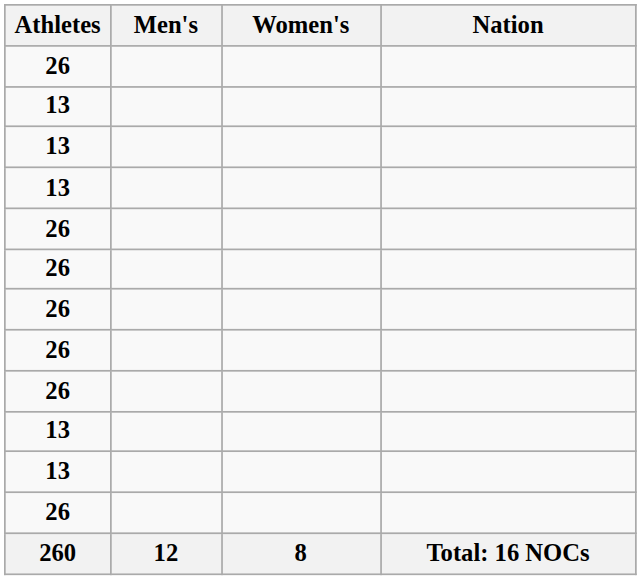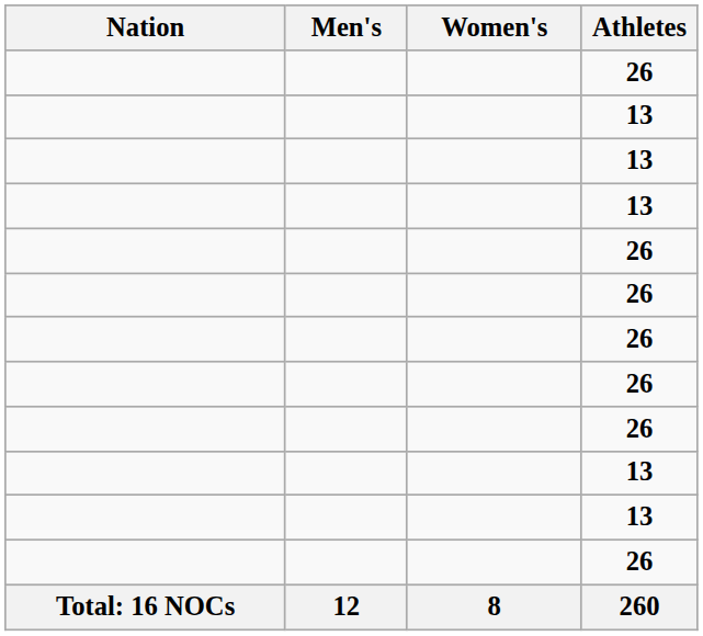 <table class="wikitable sortable" width=370 style="text-align:center; font-size:90%">
 <tr>
-<th width=55>Athletes</th>
+<th>Nation</th>
 <th>Men's</th>
 <th>Women's</th>
-<th>Nation</th>
+<th width=55>Athletes</th>
 </tr>
 <tr>
-<td><strong>26</strong></td>
+<td style="text-align:left;"></td>
 <td></td>
 <td></td>
-<td style="text-align:left;"></td>
+<td><strong>26</strong></td>
 </tr>
 <tr>
-<td><strong>13</strong></td>
+<td style="text-align:left;"></td>
 <td></td>
 <td></td>
-<td style="text-align:left;"></td>
+<td><strong>13</strong></td>
 </tr>
 <tr>
-<td><strong>13</strong></td>
+<td style="text-align:left;"></td>
 <td></td>
 <td></td>
-<td style="text-align:left;"></td>
+<td><strong>13</strong></td>
 </tr>
 <tr>
-<td><strong>13</strong></td>
+<td style="text-align:left;"></td>
 <td></td>
 <td></td>
-<td style="text-align:left;"></td>
+<td><strong>13</strong></td>
 </tr>
 <tr>
-<td><strong>26</strong></td>
+<td style="text-align:left;"></td>
 <td></td>
 <td></td>
-<td style="text-align:left;"></td>
+<td><strong>26</strong></td>
 </tr>
 <tr>
-<td><strong>26</strong></td>
+<td style="text-align:left;"></td>
 <td></td>
 <td></td>
-<td style="text-align:left;"></td>
+<td><strong>26</strong></td>
 </tr>
 <tr>
-<td><strong>26</strong></td>
+<td style="text-align:left;"></td>
 <td></td>
 <td></td>
-<td style="text-align:left;"></td>
+<td><strong>26</strong></td>
 </tr>
 <tr>
-<td><strong>26</strong></td>
+<td style="text-align:left;"></td>
 <td></td>
 <td></td>
-<td style="text-align:left;"></td>
+<td><strong>26</strong></td>
 </tr>
 <tr>
-<td><strong>26</strong></td>
+<td style="text-align:left;"></td>
 <td></td>
 <td></td>
-<td style="text-align:left;"></td>
+<td><strong>26</strong></td>
 </tr>
 <tr>
-<td><strong>13</strong></td>
+<td style="text-align:left;"></td>
 <td></td>
 <td></td>
-<td style="text-align:left;"></td>
+<td><strong>13</strong></td>
 </tr>
 <tr>
-<td><strong>13</strong></td>
+<td style="text-align:left;"></td>
 <td></td>
 <td></td>
-<td style="text-align:left;"></td>
+<td><strong>13</strong></td>
 </tr>
 <tr>
-<td><strong>26</strong></td>
+<td style="text-align:left;"></td>
 <td></td>
 <td></td>
-<td style="text-align:left;"></td>
+<td><strong>26</strong></td>
 </tr>
 <tr>
-<th>260</th>
+<th>Total: 16 NOCs</th>
 <th>12</th>
 <th>8</th>
-<th>Total: 16 NOCs</th>
+<th>260</th>
 </tr>
 </table>
